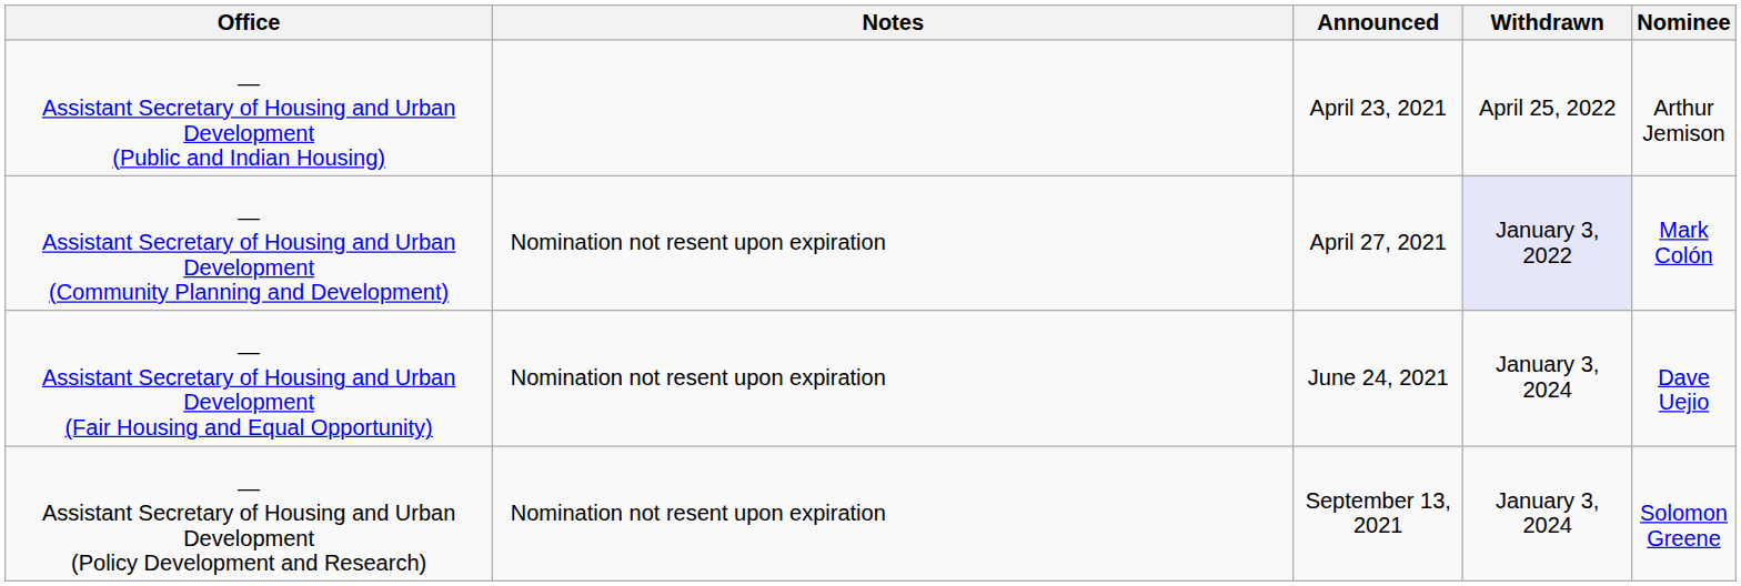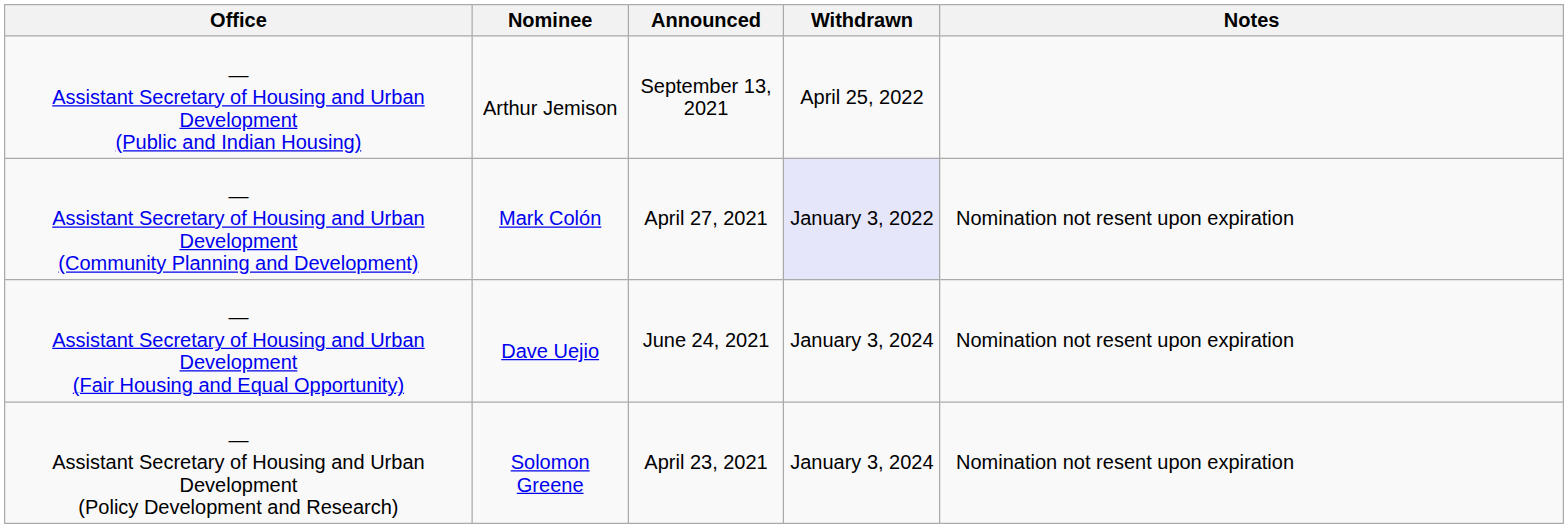 <table class="wikitable sortable" style="text-align:center">
 <tr>
 <th style="width:30%;">Office</th>
-<th style="width:50%;">Notes</th>
+<th style="width:10%;">Nominee</th>
 <th style="width:10%;" data-sort-type="date">Announced</th>
 <th style="width:10%;" data-sort-type="date">Withdrawn</th>
-<th style="width:10%;">Nominee</th>
+<th style="width:50%;">Notes</th>
 </tr>
 <tr>
 <td><br>—<br><a href='#'>Assistant Secretary of Housing and Urban Development<br>(Public and Indian Housing)</a></td>
+<td><br>Arthur Jemison</td>
+<td>September 13, 2021</td>
+<td>April 25, 2022</td>
 <td style="text-align:left; padding:1%;"></td>
-<td>April 23, 2021</td>
-<td>April 25, 2022</td>
-<td><br>Arthur Jemison</td>
 </tr>
 <tr>
 <td><br>—<br><a href='#'>Assistant Secretary of Housing and Urban Development<br>(Community Planning and Development)</a></td>
-<td style="text-align:left; padding:1%;">Nomination not resent upon expiration</td>
+<td><a href='#'>Mark Colón</a></td>
 <td>April 27, 2021</td>
 <td style="background: lavender;">January 3, 2022</td>
-<td><a href='#'>Mark Colón</a></td>
+<td style="text-align:left; padding:1%;">Nomination not resent upon expiration</td>
 </tr>
 <tr>
 <td><br>—<br><a href='#'>Assistant Secretary of Housing and Urban Development<br>(Fair Housing and Equal Opportunity)</a></td>
-<td style="text-align:left; padding:1%;">Nomination not resent upon expiration</td>
+<td><br><a href='#'>Dave Uejio</a></td>
 <td>June 24, 2021</td>
 <td>January 3, 2024</td>
-<td><br><a href='#'>Dave Uejio</a></td>
+<td style="text-align:left; padding:1%;">Nomination not resent upon expiration</td>
 </tr>
 <tr>
 <td><br>—<br>Assistant Secretary of Housing and Urban Development<br>(Policy Development and Research)</td>
+<td><br><a href='#'>Solomon Greene</a></td>
+<td>April 23, 2021</td>
+<td>January 3, 2024</td>
 <td style="text-align:left; padding:1%;">Nomination not resent upon expiration</td>
-<td>September 13, 2021</td>
-<td>January 3, 2024</td>
-<td><br><a href='#'>Solomon Greene</a></td>
 </tr>
 </table>
